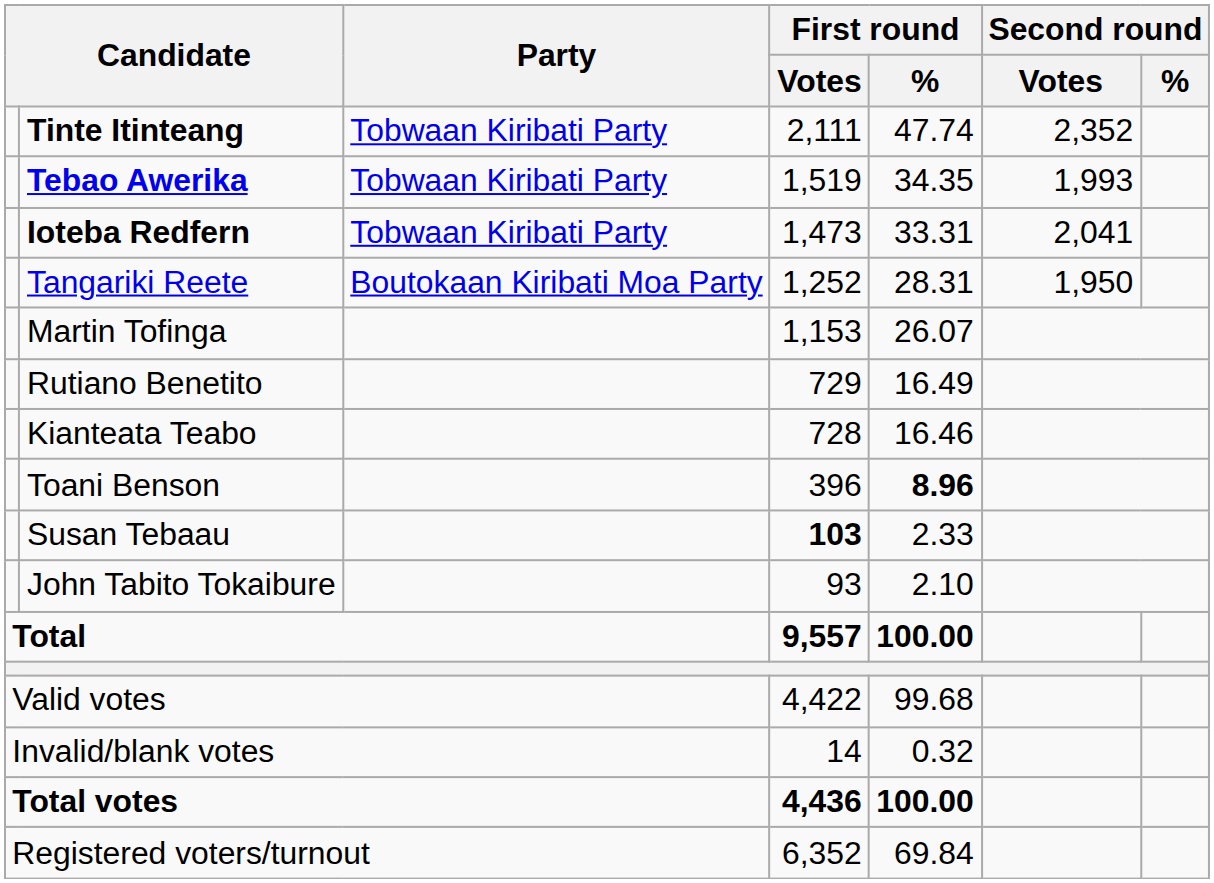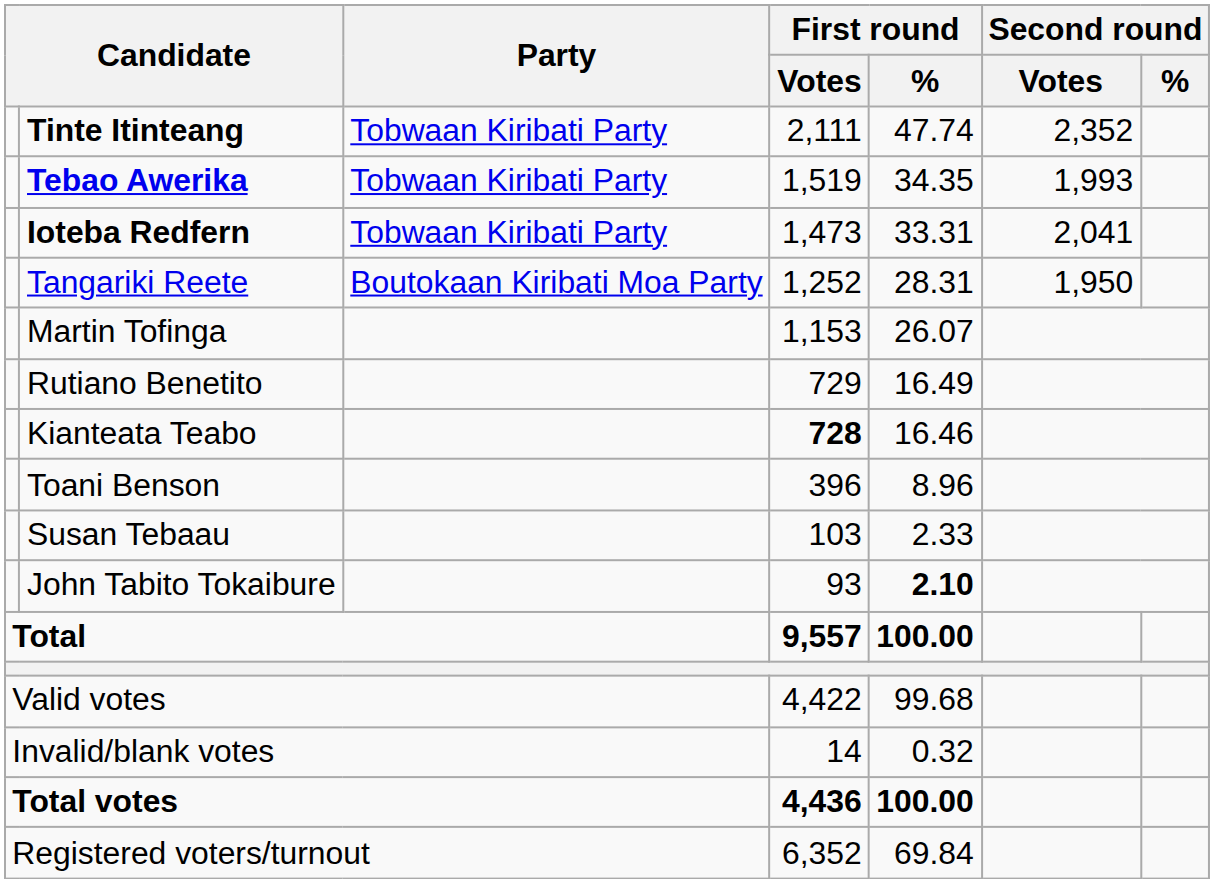 <table class=wikitable style=text-align:right>
 <tr>
 <th colspan=2 rowspan=2>Candidate</th>
 <th rowspan=2>Party</th>
 <th colspan=2>First round</th>
 <th colspan=2>Second round</th>
 </tr>
 <tr>
 <th>Votes</th>
 <th>%</th>
 <th>Votes</th>
 <th>%</th>
 </tr>
 <tr>
 <td bgcolor=></td>
 <td align=left><strong>Tinte Itinteang</strong></td>
 <td align=left><a href='#'>Tobwaan Kiribati Party</a></td>
 <td>2,111</td>
 <td>47.74</td>
 <td>2,352</td>
 <td></td>
 </tr>
 <tr>
 <td bgcolor=></td>
 <td align=left><strong><a href='#'>Tebao Awerika</a></strong></td>
 <td align=left><a href='#'>Tobwaan Kiribati Party</a></td>
 <td>1,519</td>
 <td>34.35</td>
 <td>1,993</td>
 <td></td>
 </tr>
 <tr>
 <td bgcolor=></td>
 <td align=left><strong>Ioteba Redfern</strong></td>
 <td align=left><a href='#'>Tobwaan Kiribati Party</a></td>
 <td>1,473</td>
 <td>33.31</td>
 <td>2,041</td>
 <td></td>
 </tr>
 <tr>
 <td bgcolor=></td>
 <td align=left><a href='#'>Tangariki Reete</a></td>
 <td align=left><a href='#'>Boutokaan Kiribati Moa Party</a></td>
 <td>1,252</td>
 <td>28.31</td>
 <td>1,950</td>
 <td></td>
 </tr>
 <tr>
 <td></td>
 <td align=left>Martin Tofinga</td>
 <td></td>
 <td>1,153</td>
 <td>26.07</td>
 <td align=center colspan=2></td>
 </tr>
 <tr>
 <td></td>
 <td align=left>Rutiano Benetito</td>
 <td></td>
 <td>729</td>
 <td>16.49</td>
 <td colspan=2></td>
 </tr>
 <tr>
 <td></td>
 <td align=left>Kianteata Teabo</td>
 <td></td>
-<td>728</td>
+<td><strong>728</strong></td>
 <td>16.46</td>
 <td colspan=2></td>
 </tr>
 <tr>
 <td></td>
 <td align=left>Toani Benson</td>
 <td></td>
 <td>396</td>
-<td><strong>8.96</strong></td>
+<td>8.96</td>
 <td colspan=2></td>
 </tr>
 <tr>
 <td></td>
 <td align=left>Susan Tebaau</td>
 <td></td>
-<td><strong>103</strong></td>
+<td>103</td>
 <td>2.33</td>
 <td colspan=2></td>
 </tr>
 <tr>
 <td></td>
 <td align=left>John Tabito Tokaibure</td>
 <td></td>
 <td>93</td>
-<td>2.10</td>
+<td><strong>2.10</strong></td>
 <td colspan=2></td>
 </tr>
 <tr style="font-weight:bold">
 <td colspan=3 align=left>Total</td>
 <td>9,557</td>
 <td>100.00</td>
 <td></td>
 <td></td>
 </tr>
 <tr>
 <th colspan=7></th>
 </tr>
 <tr>
 <td colspan=3 align=left>Valid votes</td>
 <td>4,422</td>
 <td>99.68</td>
 <td></td>
 <td></td>
 </tr>
 <tr>
 <td colspan=3 align=left>Invalid/blank votes</td>
 <td>14</td>
 <td>0.32</td>
 <td></td>
 <td></td>
 </tr>
 <tr style="font-weight:bold">
 <td colspan=3 align=left>Total votes</td>
 <td>4,436</td>
 <td>100.00</td>
 <td></td>
 <td></td>
 </tr>
 <tr>
 <td colspan=3 align=left>Registered voters/turnout</td>
 <td>6,352</td>
 <td>69.84</td>
 <td></td>
 <td></td>
 </tr>
 </table>
